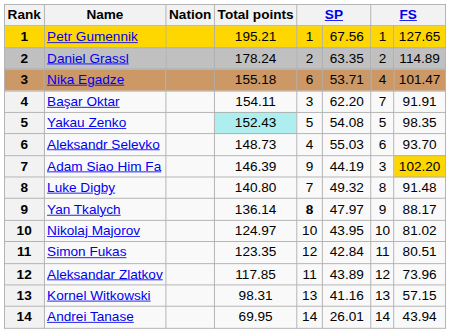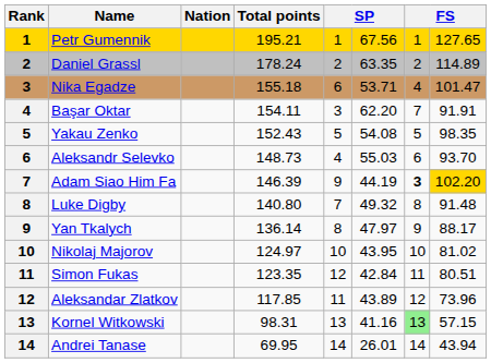 <table class="wikitable sortable">
 <tr>
 <th>Rank</th>
 <th>Name</th>
 <th>Nation</th>
 <th>Total points</th>
 <th colspan="2" width="80px"><a href='#'>SP</a></th>
 <th colspan="2" width="80px"><a href='#'>FS</a></th>
 </tr>
 <tr bgcolor="gold">
 <td align="center"><strong>1</strong></td>
 <td><a href='#'>Petr Gumennik</a></td>
 <td></td>
 <td align="center">195.21</td>
 <td align="center">1</td>
 <td align="center">67.56</td>
 <td align="center">1</td>
 <td align="center">127.65</td>
 </tr>
 <tr bgcolor="silver">
 <td align="center"><strong>2</strong></td>
 <td><a href='#'>Daniel Grassl</a></td>
 <td></td>
 <td align="center">178.24</td>
 <td align="center">2</td>
 <td align="center">63.35</td>
 <td align="center">2</td>
 <td align="center">114.89</td>
 </tr>
 <tr bgcolor="cc9966">
 <td align="center"><strong>3</strong></td>
 <td><a href='#'>Nika Egadze</a></td>
 <td></td>
 <td align="center">155.18</td>
 <td align="center">6</td>
 <td align="center">53.71</td>
 <td align="center">4</td>
 <td align="center">101.47</td>
 </tr>
 <tr>
 <th>4</th>
 <td><a href='#'>Başar Oktar</a></td>
 <td></td>
 <td align="center">154.11</td>
 <td align="center">3</td>
 <td align="center">62.20</td>
 <td align="center">7</td>
 <td align="center">91.91</td>
 </tr>
 <tr>
 <th>5</th>
 <td><a href='#'>Yakau Zenko</a></td>
 <td></td>
-<td align="center" style="background: paleturquoise;">152.43</td>
+<td align="center">152.43</td>
 <td align="center">5</td>
 <td align="center">54.08</td>
 <td align="center">5</td>
 <td align="center">98.35</td>
 </tr>
 <tr>
 <th>6</th>
 <td><a href='#'>Aleksandr Selevko</a></td>
 <td></td>
 <td align="center">148.73</td>
 <td align="center">4</td>
 <td align="center">55.03</td>
 <td align="center">6</td>
 <td align="center">93.70</td>
 </tr>
 <tr>
 <th>7</th>
 <td><a href='#'>Adam Siao Him Fa</a></td>
 <td></td>
 <td align="center">146.39</td>
 <td align="center">9</td>
 <td align="center">44.19</td>
-<td align="center">3</td>
+<td align="center"><strong>3</strong></td>
 <td align="center" style="background: gold;">102.20</td>
 </tr>
 <tr>
 <th>8</th>
 <td><a href='#'>Luke Digby</a></td>
 <td></td>
 <td align="center">140.80</td>
 <td align="center">7</td>
 <td align="center">49.32</td>
 <td align="center">8</td>
 <td align="center">91.48</td>
 </tr>
 <tr>
 <th>9</th>
 <td><a href='#'>Yan Tkalych</a></td>
 <td></td>
 <td align="center">136.14</td>
-<td align="center"><strong>8</strong></td>
+<td align="center">8</td>
 <td align="center">47.97</td>
 <td align="center">9</td>
 <td align="center">88.17</td>
 </tr>
 <tr>
 <th>10</th>
 <td><a href='#'>Nikolaj Majorov</a></td>
 <td></td>
 <td align="center">124.97</td>
 <td align="center">10</td>
 <td align="center">43.95</td>
 <td align="center">10</td>
 <td align="center">81.02</td>
 </tr>
 <tr>
 <th>11</th>
 <td><a href='#'>Simon Fukas</a></td>
 <td></td>
 <td align="center">123.35</td>
 <td align="center">12</td>
 <td align="center">42.84</td>
 <td align="center">11</td>
 <td align="center">80.51</td>
 </tr>
 <tr>
 <th>12</th>
 <td><a href='#'>Aleksandar Zlatkov</a></td>
 <td></td>
 <td align="center">117.85</td>
 <td align="center">11</td>
 <td align="center">43.89</td>
 <td align="center">12</td>
 <td align="center">73.96</td>
 </tr>
 <tr>
 <th>13</th>
 <td><a href='#'>Kornel Witkowski</a></td>
 <td></td>
 <td align="center">98.31</td>
 <td align="center">13</td>
 <td align="center">41.16</td>
-<td align="center">13</td>
+<td align="center" style="background: lightgreen;">13</td>
 <td align="center">57.15</td>
 </tr>
 <tr>
 <th>14</th>
 <td><a href='#'>Andrei Tanase</a></td>
 <td></td>
 <td align="center">69.95</td>
 <td align="center">14</td>
 <td align="center">26.01</td>
 <td align="center">14</td>
 <td align="center">43.94</td>
 </tr>
 </table>
